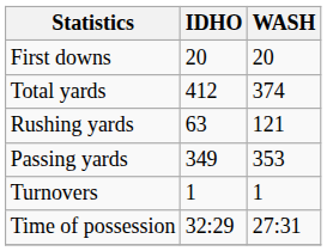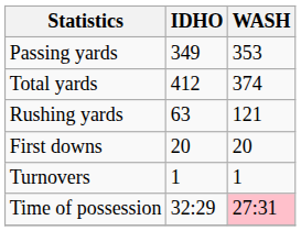 <table class="wikitable" style="float: left;">
 <tr>
 <th>Statistics</th>
 <th>IDHO</th>
 <th>WASH</th>
 </tr>
 <tr>
-<td>First downs</td>
-<td>20</td>
-<td>20</td>
+<td>Passing yards</td>
+<td>349</td>
+<td>353</td>
 </tr>
 <tr>
 <td>Total yards</td>
 <td>412</td>
 <td>374</td>
 </tr>
 <tr>
 <td>Rushing yards</td>
 <td>63</td>
 <td>121</td>
 </tr>
 <tr>
-<td>Passing yards</td>
-<td>349</td>
-<td>353</td>
+<td>First downs</td>
+<td>20</td>
+<td>20</td>
 </tr>
 <tr>
 <td>Turnovers</td>
 <td>1</td>
 <td>1</td>
 </tr>
 <tr>
 <td>Time of possession</td>
 <td>32:29</td>
-<td>27:31</td>
+<td style="background: pink;">27:31</td>
 </tr>
 <tr>
 </tr>
 </table>
